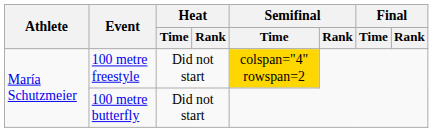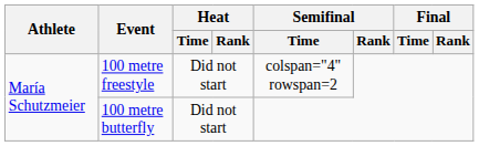 <table class="wikitable" style="text-align:center; font-size:90%; width:50%;">
 <tr>
 <th rowspan="2">Athlete</th>
 <th rowspan="2">Event</th>
 <th colspan="2">Heat</th>
 <th colspan="2">Semifinal</th>
 <th colspan="2">Final</th>
 </tr>
 <tr style="font-size:95%">
 <th>Time</th>
 <th>Rank</th>
 <th>Time</th>
 <th>Rank</th>
 <th>Time</th>
 <th>Rank</th>
 </tr>
 <tr>
 <td align=left rowspan=2><a href='#'>María Schutzmeier</a></td>
 <td align=left><a href='#'>100 metre freestyle</a></td>
 <td colspan="2">Did not start</td>
-<td style="background: gold;">colspan="4" rowspan=2</td>
+<td>colspan="4" rowspan=2</td>
 </tr>
 <tr>
 <td align=left><a href='#'>100 metre butterfly</a></td>
 <td colspan="2">Did not start</td>
 </tr>
 </table>
